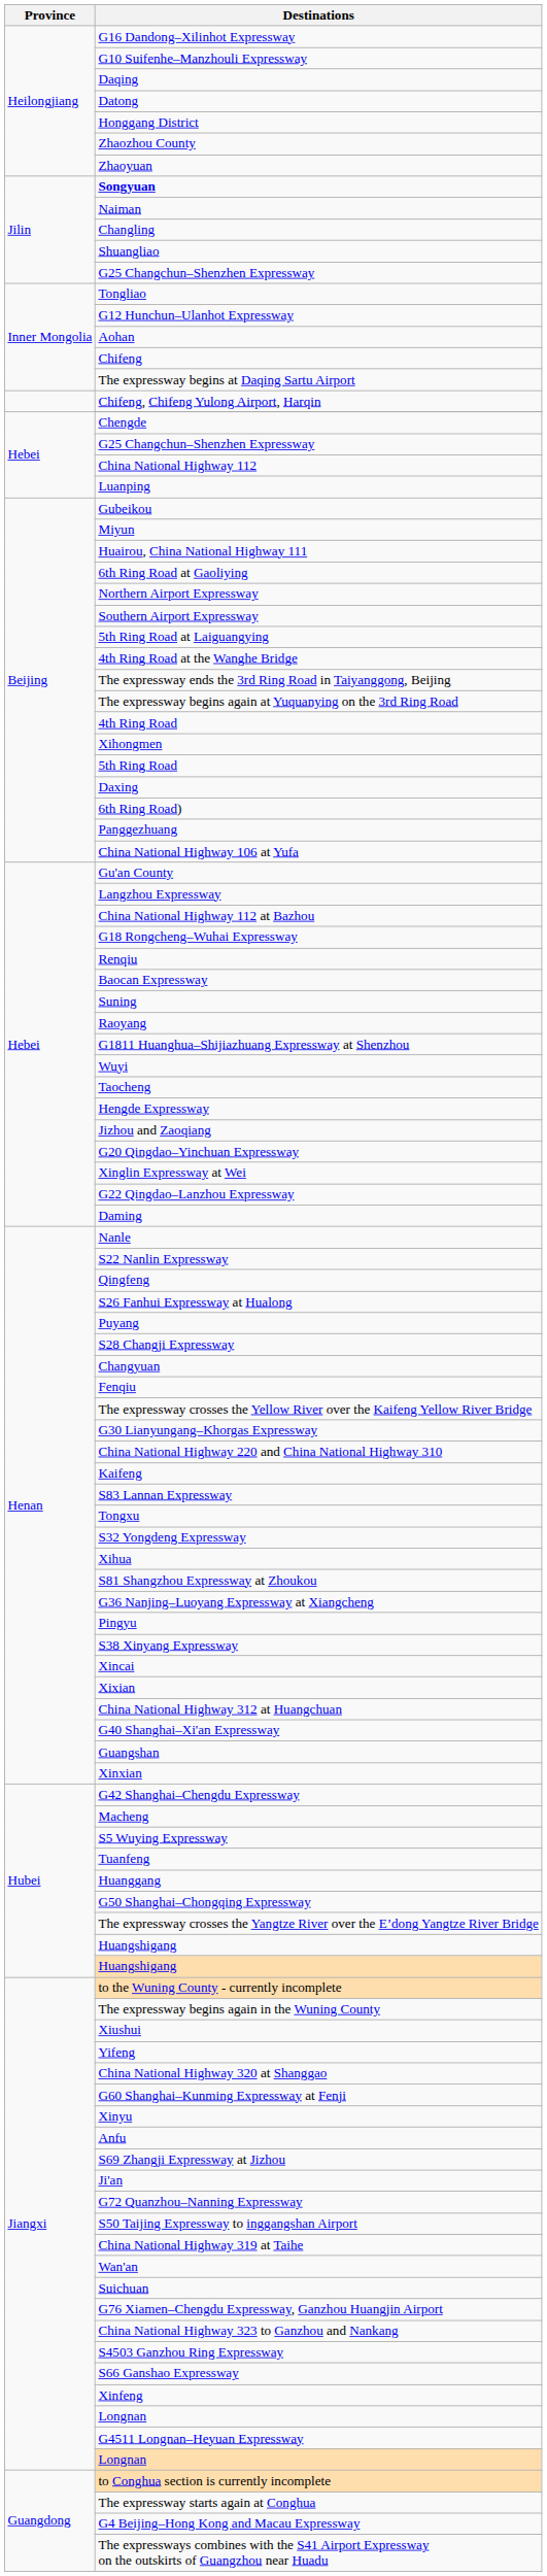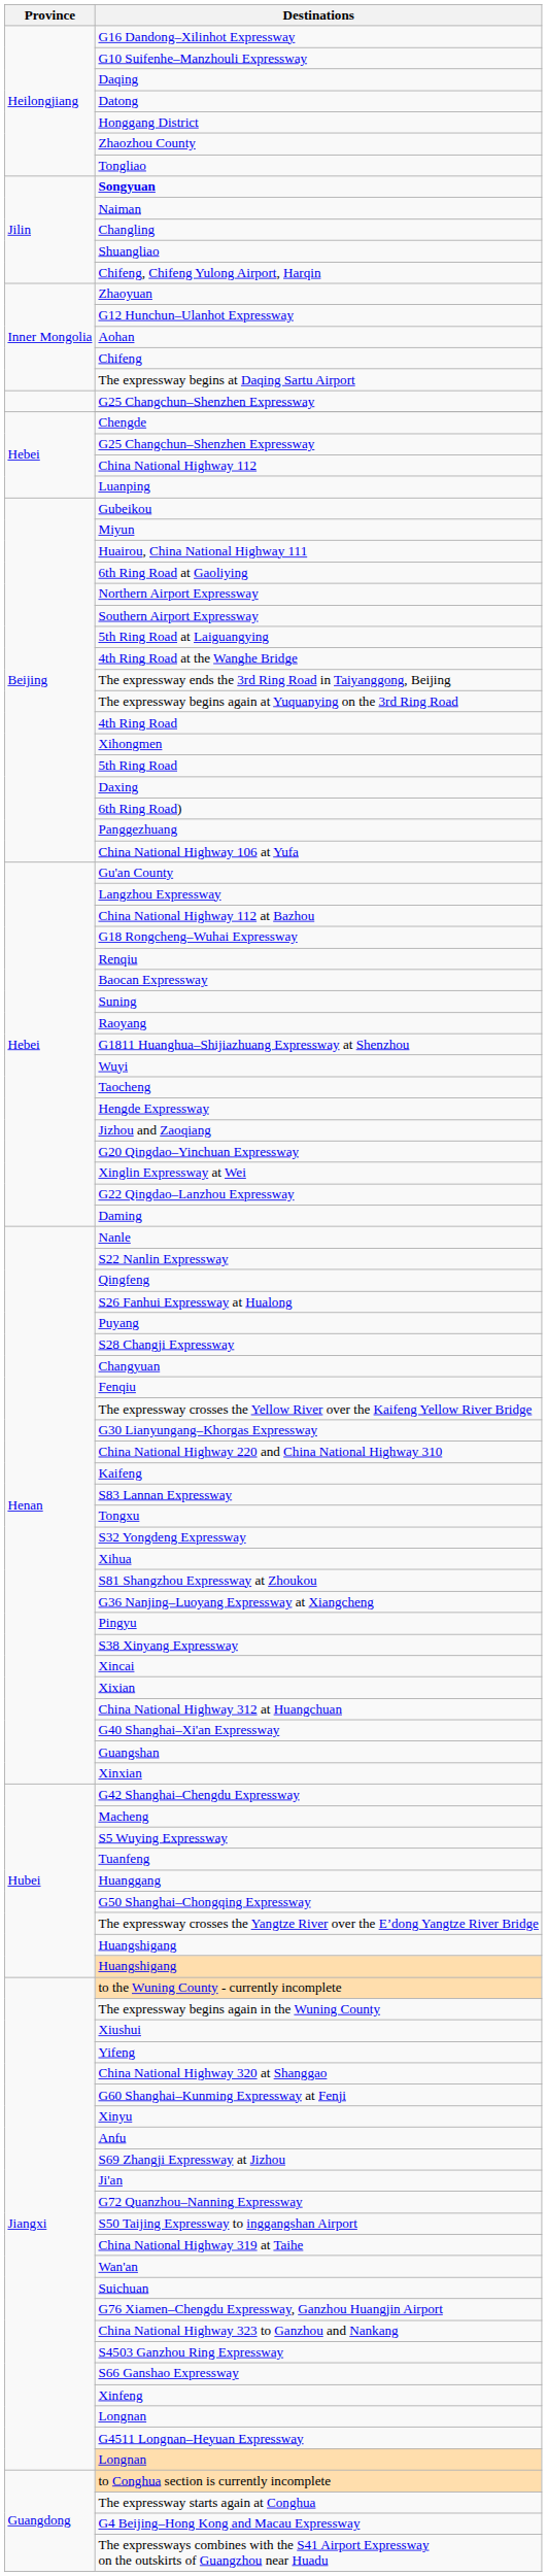 <table class="wikitable">
 <tr>
 <th>Province</th>
 <th>Destinations</th>
 </tr>
 <tr>
 <td rowspan=7><a href='#'>Heilongjiang</a></td>
 <td> <a href='#'>G16 Dandong–Xilinhot Expressway</a></td>
 </tr>
 <tr>
 <td><a href='#'>G10 Suifenhe–Manzhouli Expressway</a></td>
 </tr>
 <tr>
 <td><a href='#'>Daqing</a></td>
 </tr>
 <tr>
 <td><a href='#'>Datong</a></td>
 </tr>
 <tr>
 <td><a href='#'>Honggang District</a></td>
 </tr>
 <tr>
 <td><a href='#'>Zhaozhou County</a></td>
 </tr>
 <tr>
-<td><a href='#'>Zhaoyuan</a></td>
+<td><a href='#'>Tongliao</a></td>
 </tr>
 <tr>
 <td rowspan=5><a href='#'>Jilin</a></td>
 <td><strong><a href='#'>Songyuan</a></strong></td>
 </tr>
 <tr>
 <td><a href='#'>Naiman</a></td>
 </tr>
 <tr>
 <td><a href='#'>Changling</a></td>
 </tr>
 <tr>
 <td><a href='#'>Shuangliao</a></td>
 </tr>
 <tr>
-<td> <a href='#'>G25 Changchun–Shenzhen Expressway</a></td>
+<td><a href='#'>Chifeng</a>, <a href='#'>Chifeng Yulong Airport</a>, <a href='#'>Harqin</a></td>
 </tr>
 <tr>
 <td rowspan=5><a href='#'>Inner Mongolia</a></td>
-<td><a href='#'>Tongliao</a></td>
+<td><a href='#'>Zhaoyuan</a></td>
 </tr>
 <tr>
 <td> <a href='#'>G12 Hunchun–Ulanhot Expressway</a></td>
 </tr>
 <tr>
 <td><a href='#'>Aohan</a></td>
 </tr>
 <tr>
 <td><a href='#'>Chifeng</a></td>
 </tr>
 <tr>
 <td>The expressway begins at <a href='#'>Daqing Sartu Airport</a></td>
 </tr>
 <tr>
 <td></td>
-<td><a href='#'>Chifeng</a>, <a href='#'>Chifeng Yulong Airport</a>, <a href='#'>Harqin</a></td>
+<td> <a href='#'>G25 Changchun–Shenzhen Expressway</a></td>
 </tr>
 <tr>
 <td rowspan=5><a href='#'>Hebei</a></td>
 </tr>
 <tr>
 <td><a href='#'>Chengde</a></td>
 </tr>
 <tr>
 <td> <a href='#'>G25 Changchun–Shenzhen Expressway</a></td>
 </tr>
 <tr>
 <td> <a href='#'>China National Highway 112</a></td>
 </tr>
 <tr>
 <td><a href='#'>Luanping</a></td>
 </tr>
 <tr>
 <td rowspan=17><a href='#'>Beijing</a></td>
 <td><a href='#'>Gubeikou</a></td>
 </tr>
 <tr>
 <td><a href='#'>Miyun</a></td>
 </tr>
 <tr>
 <td><a href='#'>Huairou</a>,  <a href='#'>China National Highway 111</a></td>
 </tr>
 <tr>
 <td><a href='#'>6th Ring Road</a> at <a href='#'>Gaoliying</a></td>
 </tr>
 <tr>
 <td><a href='#'>Northern Airport Expressway</a></td>
 </tr>
 <tr>
 <td><a href='#'>Southern Airport Expressway</a></td>
 </tr>
 <tr>
 <td><a href='#'>5th Ring Road</a> at <a href='#'>Laiguangying</a></td>
 </tr>
 <tr>
 <td><a href='#'>4th Ring Road</a> at the <a href='#'>Wanghe Bridge</a></td>
 </tr>
 <tr>
 <td>The expressway ends the <a href='#'>3rd Ring Road</a> in <a href='#'>Taiyanggong</a>, Beijing</td>
 </tr>
 <tr>
 <td>The expressway begins again at <a href='#'>Yuquanying</a> on the <a href='#'>3rd Ring Road</a></td>
 </tr>
 <tr>
 <td><a href='#'>4th Ring Road</a></td>
 </tr>
 <tr>
 <td><a href='#'>Xihongmen</a></td>
 </tr>
 <tr>
 <td><a href='#'>5th Ring Road</a></td>
 </tr>
 <tr>
 <td><a href='#'>Daxing</a></td>
 </tr>
 <tr>
 <td><a href='#'>6th Ring Road</a>)</td>
 </tr>
 <tr>
 <td><a href='#'>Panggezhuang</a></td>
 </tr>
 <tr>
 <td> <a href='#'>China National Highway 106</a> at <a href='#'>Yufa</a></td>
 </tr>
 <tr>
 <td rowspan=17><a href='#'>Hebei</a></td>
 <td><a href='#'>Gu'an County</a></td>
 </tr>
 <tr>
 <td><a href='#'>Langzhou Expressway</a></td>
 </tr>
 <tr>
 <td> <a href='#'>China National Highway 112</a> at <a href='#'>Bazhou</a></td>
 </tr>
 <tr>
 <td> <a href='#'>G18 Rongcheng–Wuhai Expressway</a></td>
 </tr>
 <tr>
 <td><a href='#'>Renqiu</a></td>
 </tr>
 <tr>
 <td><a href='#'>Baocan Expressway</a></td>
 </tr>
 <tr>
 <td><a href='#'>Suning</a></td>
 </tr>
 <tr>
 <td><a href='#'>Raoyang</a></td>
 </tr>
 <tr>
 <td> <a href='#'>G1811 Huanghua–Shijiazhuang Expressway</a> at <a href='#'>Shenzhou</a></td>
 </tr>
 <tr>
 <td><a href='#'>Wuyi</a></td>
 </tr>
 <tr>
 <td><a href='#'>Taocheng</a></td>
 </tr>
 <tr>
 <td><a href='#'>Hengde Expressway</a></td>
 </tr>
 <tr>
 <td><a href='#'>Jizhou</a> and <a href='#'>Zaoqiang</a></td>
 </tr>
 <tr>
 <td> <a href='#'>G20 Qingdao–Yinchuan Expressway</a></td>
 </tr>
 <tr>
 <td><a href='#'>Xinglin Expressway</a> at <a href='#'>Wei</a></td>
 </tr>
 <tr>
 <td> <a href='#'>G22 Qingdao–Lanzhou Expressway</a></td>
 </tr>
 <tr>
 <td><a href='#'>Daming</a></td>
 </tr>
 <tr>
 <td rowspan=26><a href='#'>Henan</a></td>
 <td><a href='#'>Nanle</a></td>
 </tr>
 <tr>
 <td><a href='#'>S22 Nanlin Expressway</a></td>
 </tr>
 <tr>
 <td><a href='#'>Qingfeng</a></td>
 </tr>
 <tr>
 <td><a href='#'>S26 Fanhui Expressway</a> at <a href='#'>Hualong</a></td>
 </tr>
 <tr>
 <td><a href='#'>Puyang</a></td>
 </tr>
 <tr>
 <td><a href='#'>S28 Changji Expressway</a></td>
 </tr>
 <tr>
 <td><a href='#'>Changyuan</a></td>
 </tr>
 <tr>
 <td><a href='#'>Fenqiu</a></td>
 </tr>
 <tr>
 <td>The expressway crosses the <a href='#'>Yellow River</a> over the <a href='#'>Kaifeng Yellow River Bridge</a></td>
 </tr>
 <tr>
 <td> <a href='#'>G30 Lianyungang–Khorgas Expressway</a></td>
 </tr>
 <tr>
 <td> <a href='#'>China National Highway 220</a> and  <a href='#'>China National Highway 310</a></td>
 </tr>
 <tr>
 <td><a href='#'>Kaifeng</a></td>
 </tr>
 <tr>
 <td><a href='#'>S83 Lannan Expressway</a></td>
 </tr>
 <tr>
 <td><a href='#'>Tongxu</a></td>
 </tr>
 <tr>
 <td><a href='#'>S32 Yongdeng Expressway</a></td>
 </tr>
 <tr>
 <td><a href='#'>Xihua</a></td>
 </tr>
 <tr>
 <td><a href='#'>S81 Shangzhou Expressway</a> at <a href='#'>Zhoukou</a></td>
 </tr>
 <tr>
 <td> <a href='#'>G36 Nanjing–Luoyang Expressway</a> at <a href='#'>Xiangcheng</a></td>
 </tr>
 <tr>
 <td><a href='#'>Pingyu</a></td>
 </tr>
 <tr>
 <td><a href='#'>S38 Xinyang Expressway</a></td>
 </tr>
 <tr>
 <td><a href='#'>Xincai</a></td>
 </tr>
 <tr>
 <td><a href='#'>Xixian</a></td>
 </tr>
 <tr>
 <td> <a href='#'>China National Highway 312</a> at <a href='#'>Huangchuan</a></td>
 </tr>
 <tr>
 <td> <a href='#'>G40 Shanghai–Xi'an Expressway</a></td>
 </tr>
 <tr>
 <td><a href='#'>Guangshan</a></td>
 </tr>
 <tr>
 <td><a href='#'>Xinxian</a></td>
 </tr>
 <tr>
 <td rowspan=9><a href='#'>Hubei</a></td>
 <td> <a href='#'>G42 Shanghai–Chengdu Expressway</a></td>
 </tr>
 <tr>
 <td><a href='#'>Macheng</a></td>
 </tr>
 <tr>
 <td><a href='#'>S5 Wuying Expressway</a></td>
 </tr>
 <tr>
 <td><a href='#'>Tuanfeng</a></td>
 </tr>
 <tr>
 <td><a href='#'>Huanggang</a></td>
 </tr>
 <tr>
 <td> <a href='#'>G50 Shanghai–Chongqing Expressway</a></td>
 </tr>
 <tr>
 <td>The expressway crosses the <a href='#'>Yangtze River</a> over the <a href='#'>E’dong Yangtze River Bridge</a></td>
 </tr>
 <tr>
 <td><a href='#'>Huangshigang</a></td>
 </tr>
 <tr>
 <td bgcolor=#ffdead><a href='#'>Huangshigang</a></td>
 </tr>
 <tr>
 <td rowspan=23><a href='#'>Jiangxi</a></td>
 <td bgcolor=#ffdead>to the <a href='#'>Wuning County</a> - currently incomplete</td>
 </tr>
 <tr>
 <td>The expressway begins again in the <a href='#'>Wuning County</a></td>
 </tr>
 <tr>
 <td><a href='#'>Xiushui</a></td>
 </tr>
 <tr>
 <td><a href='#'>Yifeng</a></td>
 </tr>
 <tr>
 <td> <a href='#'>China National Highway 320</a> at <a href='#'>Shanggao</a></td>
 </tr>
 <tr>
 <td> <a href='#'>G60 Shanghai–Kunming Expressway</a> at <a href='#'>Fenji</a></td>
 </tr>
 <tr>
 <td><a href='#'>Xinyu</a></td>
 </tr>
 <tr>
 <td><a href='#'>Anfu</a></td>
 </tr>
 <tr>
 <td><a href='#'>S69 Zhangji Expressway</a> at <a href='#'>Jizhou</a></td>
 </tr>
 <tr>
 <td><a href='#'>Ji'an</a></td>
 </tr>
 <tr>
 <td> <a href='#'>G72 Quanzhou–Nanning Expressway</a></td>
 </tr>
 <tr>
 <td><a href='#'>S50 Taijing Expressway</a> to <a href='#'>inggangshan Airport</a></td>
 </tr>
 <tr>
 <td> <a href='#'>China National Highway 319</a> at <a href='#'>Taihe</a></td>
 </tr>
 <tr>
 <td><a href='#'>Wan'an</a></td>
 </tr>
 <tr>
 <td><a href='#'>Suichuan</a></td>
 </tr>
 <tr>
 <td> <a href='#'>G76 Xiamen–Chengdu Expressway</a>, <a href='#'>Ganzhou Huangjin Airport</a></td>
 </tr>
 <tr>
 <td> <a href='#'>China National Highway 323</a> to <a href='#'>Ganzhou</a> and <a href='#'>Nankang</a></td>
 </tr>
 <tr>
 <td><a href='#'>S4503 Ganzhou Ring Expressway</a></td>
 </tr>
 <tr>
 <td><a href='#'>S66 Ganshao Expressway</a></td>
 </tr>
 <tr>
 <td><a href='#'>Xinfeng</a></td>
 </tr>
 <tr>
 <td><a href='#'>Longnan</a></td>
 </tr>
 <tr>
 <td> <a href='#'>G4511 Longnan–Heyuan Expressway</a></td>
 </tr>
 <tr>
 <td bgcolor=#ffdead><a href='#'>Longnan</a></td>
 </tr>
 <tr>
 <td rowspan=4><a href='#'>Guangdong</a></td>
 <td bgcolor=#ffdead>to <a href='#'>Conghua</a> section is currently incomplete</td>
 </tr>
 <tr>
 <td>The expressway starts again at <a href='#'>Conghua</a></td>
 </tr>
 <tr>
 <td> <a href='#'>G4 Beijing–Hong Kong and Macau Expressway</a></td>
 </tr>
 <tr>
 <td>The expressways combines with the <a href='#'>S41 Airport Expressway</a><br> on the outskirts of <a href='#'>Guangzhou</a> near <a href='#'>Huadu</a></td>
 </tr>
 </table>
